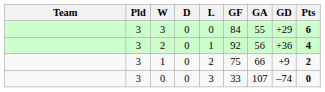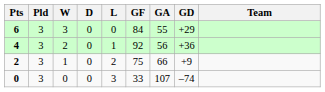 <table class="wikitable" style="text-align: center;">
 <tr>
-<th width="180">Team</th>
+<th width="30">Pts</th>
 <th width="30">Pld</th>
 <th width="30">W</th>
 <th width="30">D</th>
 <th width="30">L</th>
 <th width="30">GF</th>
 <th width="30">GA</th>
 <th width="30">GD</th>
-<th width="30">Pts</th>
+<th width="180">Team</th>
 </tr>
 <tr bgcolor=#CCFFCC>
-<td align="left"></td>
+<td><strong>6</strong></td>
 <td>3</td>
 <td>3</td>
 <td>0</td>
 <td>0</td>
 <td>84</td>
 <td>55</td>
 <td>+29</td>
-<td><strong>6</strong></td>
+<td align="left"></td>
 </tr>
 <tr bgcolor=#CCFFCC>
-<td align="left"></td>
+<td><strong>4</strong></td>
 <td>3</td>
 <td>2</td>
 <td>0</td>
 <td>1</td>
 <td>92</td>
 <td>56</td>
 <td>+36</td>
-<td><strong>4</strong></td>
+<td align="left"></td>
 </tr>
 <tr>
-<td align="left"></td>
+<td><strong>2</strong></td>
 <td>3</td>
 <td>1</td>
 <td>0</td>
 <td>2</td>
 <td>75</td>
 <td>66</td>
 <td>+9</td>
-<td><strong>2</strong></td>
+<td align="left"></td>
 </tr>
 <tr>
-<td align="left"></td>
+<td><strong>0</strong></td>
 <td>3</td>
 <td>0</td>
 <td>0</td>
 <td>3</td>
 <td>33</td>
 <td>107</td>
 <td>–74</td>
-<td><strong>0</strong></td>
+<td align="left"></td>
 </tr>
 </table>
